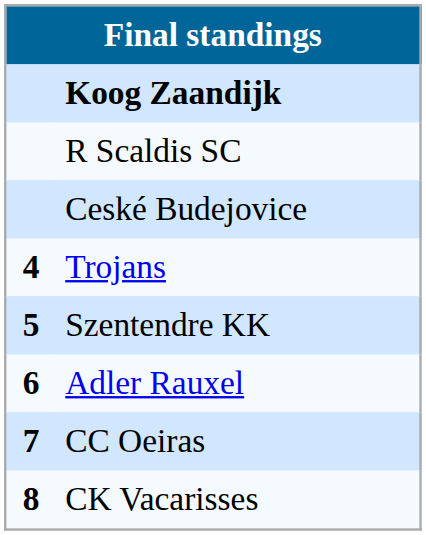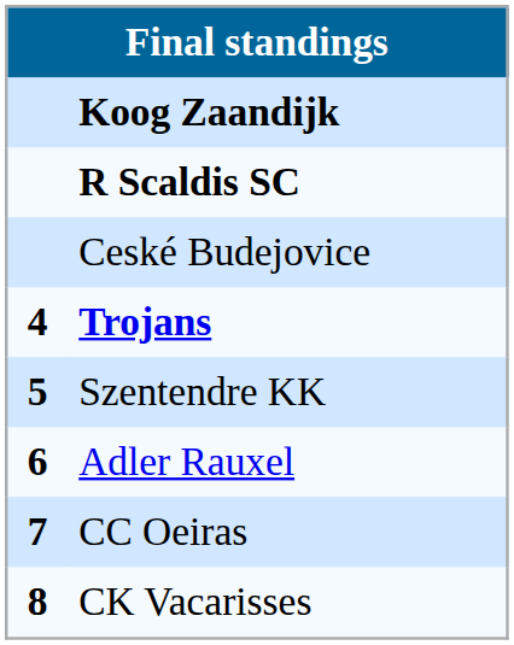 <table align=center cellpadding="4" cellspacing="0" style="background: #D0E7FF; border: 1px #aaa solid; border-collapse: collapse; font-size: 90%;" width=180>
 <tr align=center bgcolor=#006699 style="color:white;">
 <th width=100% colspan=2>Final standings</th>
 </tr>
 <tr align=center bgcolor=#D0E7FF>
 <td></td>
 <td align=left><strong>Koog Zaandijk</strong></td>
 </tr>
 <tr align=center bgcolor=#F5FAFF>
 <td></td>
-<td align=left>R Scaldis SC</td>
+<td align=left><strong>R Scaldis SC</strong></td>
 </tr>
 <tr align=center bgcolor=#D0E7FF>
 <td></td>
 <td align=left>Ceské Budejovice</td>
 </tr>
 <tr align=center bgcolor=#F5FAFF>
 <td><strong>4</strong></td>
-<td align=left><a href='#'>Trojans</a></td>
+<td align=left><strong><a href='#'>Trojans</a></strong></td>
 </tr>
 <tr align=center bgcolor=#D0E7FF>
 <td><strong>5</strong></td>
 <td align=left>Szentendre KK</td>
 </tr>
 <tr align=center bgcolor=#F5FAFF>
 <td><strong>6</strong></td>
 <td align=left><a href='#'>Adler Rauxel</a></td>
 </tr>
 <tr align=center bgcolor=#D0E7FF>
 <td><strong>7</strong></td>
 <td align=left>CC Oeiras</td>
 </tr>
 <tr align=center bgcolor=#F5FAFF>
 <td><strong>8</strong></td>
 <td align=left>CK Vacarisses</td>
 </tr>
 </table>
